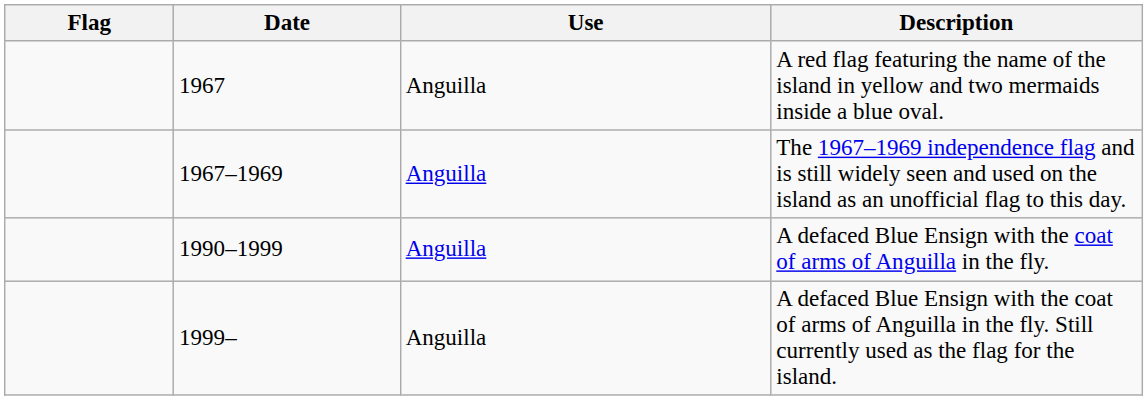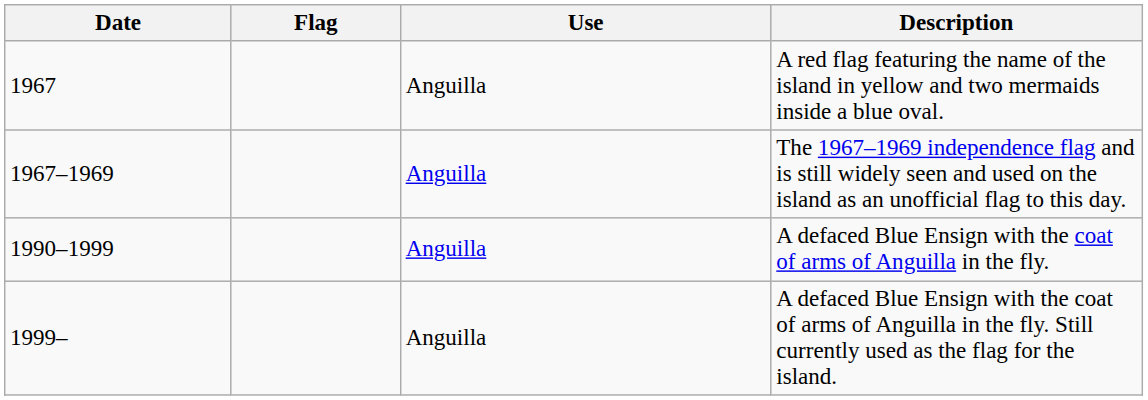 <table class="wikitable">
 <tr style="background:#efefef;">
+<th style="width:150px;">Date</th>
 <th style="width:110px;">Flag</th>
-<th style="width:150px;">Date</th>
 <th style="width:250px;">Use</th>
 <th style="width:250px;">Description</th>
 </tr>
 <tr>
+<td>1967</td>
 <td></td>
-<td>1967</td>
 <td>Anguilla</td>
 <td>A red flag featuring the name of the island in yellow and two mermaids inside a blue oval.</td>
 </tr>
 <tr>
+<td>1967–1969</td>
 <td></td>
-<td>1967–1969</td>
 <td><a href='#'>Anguilla</a></td>
 <td>The <a href='#'>1967–1969 independence flag</a> and is still widely seen and used on the island as an unofficial flag to this day.</td>
 </tr>
 <tr>
+<td>1990–1999</td>
 <td></td>
-<td>1990–1999</td>
 <td><a href='#'>Anguilla</a></td>
 <td>A defaced Blue Ensign with the <a href='#'>coat of arms of Anguilla</a> in the fly.</td>
 </tr>
 <tr>
+<td>1999–</td>
 <td></td>
-<td>1999–</td>
 <td>Anguilla</td>
 <td>A defaced Blue Ensign with the coat of arms of Anguilla in the fly. Still currently used as the flag for the island.</td>
 </tr>
 </table>
